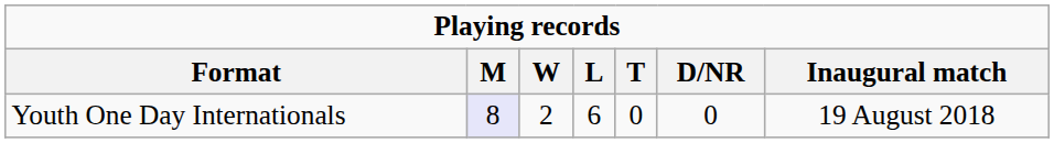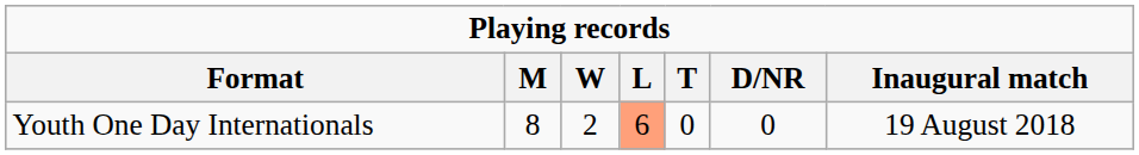 <table class="wikitable" style="text-align: center; width: 600px">
 <tr>
 <td colspan="8" align="center"><strong>Playing records</strong></td>
 </tr>
 <tr>
 <th>Format</th>
 <th>M</th>
 <th>W</th>
 <th>L</th>
 <th>T</th>
 <th>D/NR</th>
 <th>Inaugural match</th>
 </tr>
 <tr>
 <td align="left">Youth One Day Internationals</td>
-<td style="background: lavender;">8</td>
+<td>8</td>
 <td>2</td>
-<td>6</td>
+<td style="background: lightsalmon;">6</td>
 <td>0</td>
 <td>0</td>
 <td>19 August 2018</td>
 </tr>
 </table>
